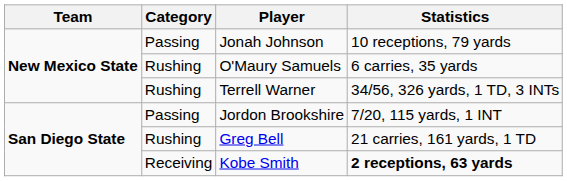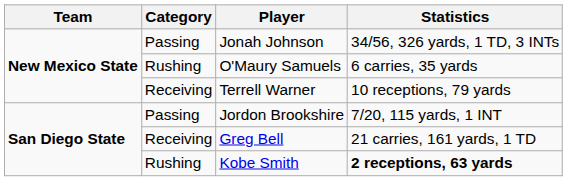 <table class="wikitable" style="float: left;">
 <tr>
 <th>Team</th>
 <th>Category</th>
 <th>Player</th>
 <th>Statistics</th>
 </tr>
 <tr>
 <td rowspan=3><strong>New Mexico State</strong></td>
 <td>Passing</td>
 <td>Jonah Johnson</td>
-<td>10 receptions, 79 yards</td>
+<td>34/56, 326 yards, 1 TD, 3 INTs</td>
 </tr>
 <tr>
 <td>Rushing</td>
 <td>O'Maury Samuels</td>
 <td>6 carries, 35 yards</td>
 </tr>
 <tr>
-<td>Rushing</td>
+<td>Receiving</td>
 <td>Terrell Warner</td>
-<td>34/56, 326 yards, 1 TD, 3 INTs</td>
+<td>10 receptions, 79 yards</td>
 </tr>
 <tr>
 <td rowspan=3><strong>San Diego State</strong></td>
 <td>Passing</td>
 <td>Jordon Brookshire</td>
 <td>7/20, 115 yards, 1 INT</td>
 </tr>
 <tr>
-<td>Rushing</td>
+<td>Receiving</td>
 <td><a href='#'>Greg Bell</a></td>
 <td>21 carries, 161 yards, 1 TD</td>
 </tr>
 <tr>
-<td>Receiving</td>
+<td>Rushing</td>
 <td><a href='#'>Kobe Smith</a></td>
 <td><strong>2 receptions, 63 yards</strong></td>
 </tr>
 </table>
